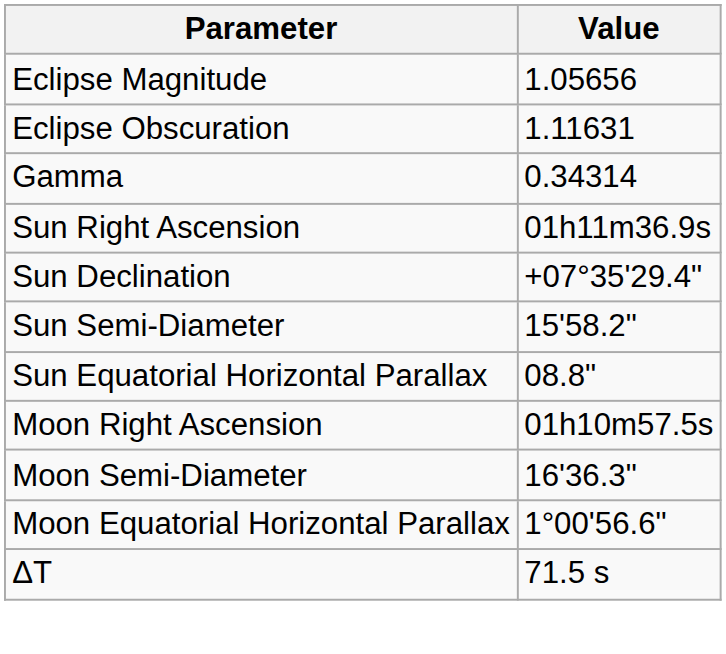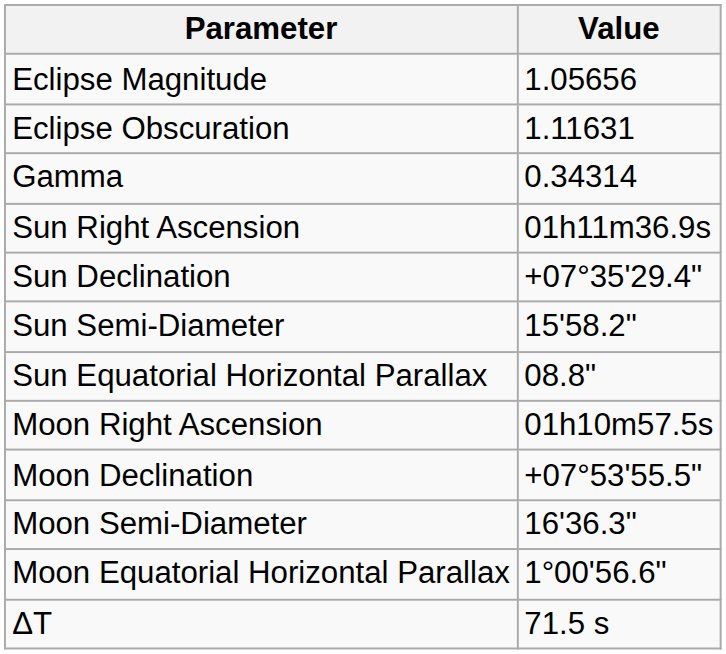 <table class="wikitable">
 <tr>
 <th>Parameter</th>
 <th>Value</th>
 </tr>
 <tr>
 <td>Eclipse Magnitude</td>
 <td>1.05656</td>
 </tr>
 <tr>
 <td>Eclipse Obscuration</td>
 <td>1.11631</td>
 </tr>
 <tr>
 <td>Gamma</td>
 <td>0.34314</td>
 </tr>
 <tr>
 <td>Sun Right Ascension</td>
 <td>01h11m36.9s</td>
 </tr>
 <tr>
 <td>Sun Declination</td>
 <td>+07°35'29.4"</td>
 </tr>
 <tr>
 <td>Sun Semi-Diameter</td>
 <td>15'58.2"</td>
 </tr>
 <tr>
 <td>Sun Equatorial Horizontal Parallax</td>
 <td>08.8"</td>
 </tr>
 <tr>
 <td>Moon Right Ascension</td>
 <td>01h10m57.5s</td>
 </tr>
 <tr>
+<td>Moon Declination</td>
+<td>+07°53'55.5"</td>
+</tr>
+<tr>
 <td>Moon Semi-Diameter</td>
 <td>16'36.3"</td>
 </tr>
 <tr>
 <td>Moon Equatorial Horizontal Parallax</td>
 <td>1°00'56.6"</td>
 </tr>
 <tr>
 <td>ΔT</td>
 <td>71.5 s</td>
 </tr>
 </table>
